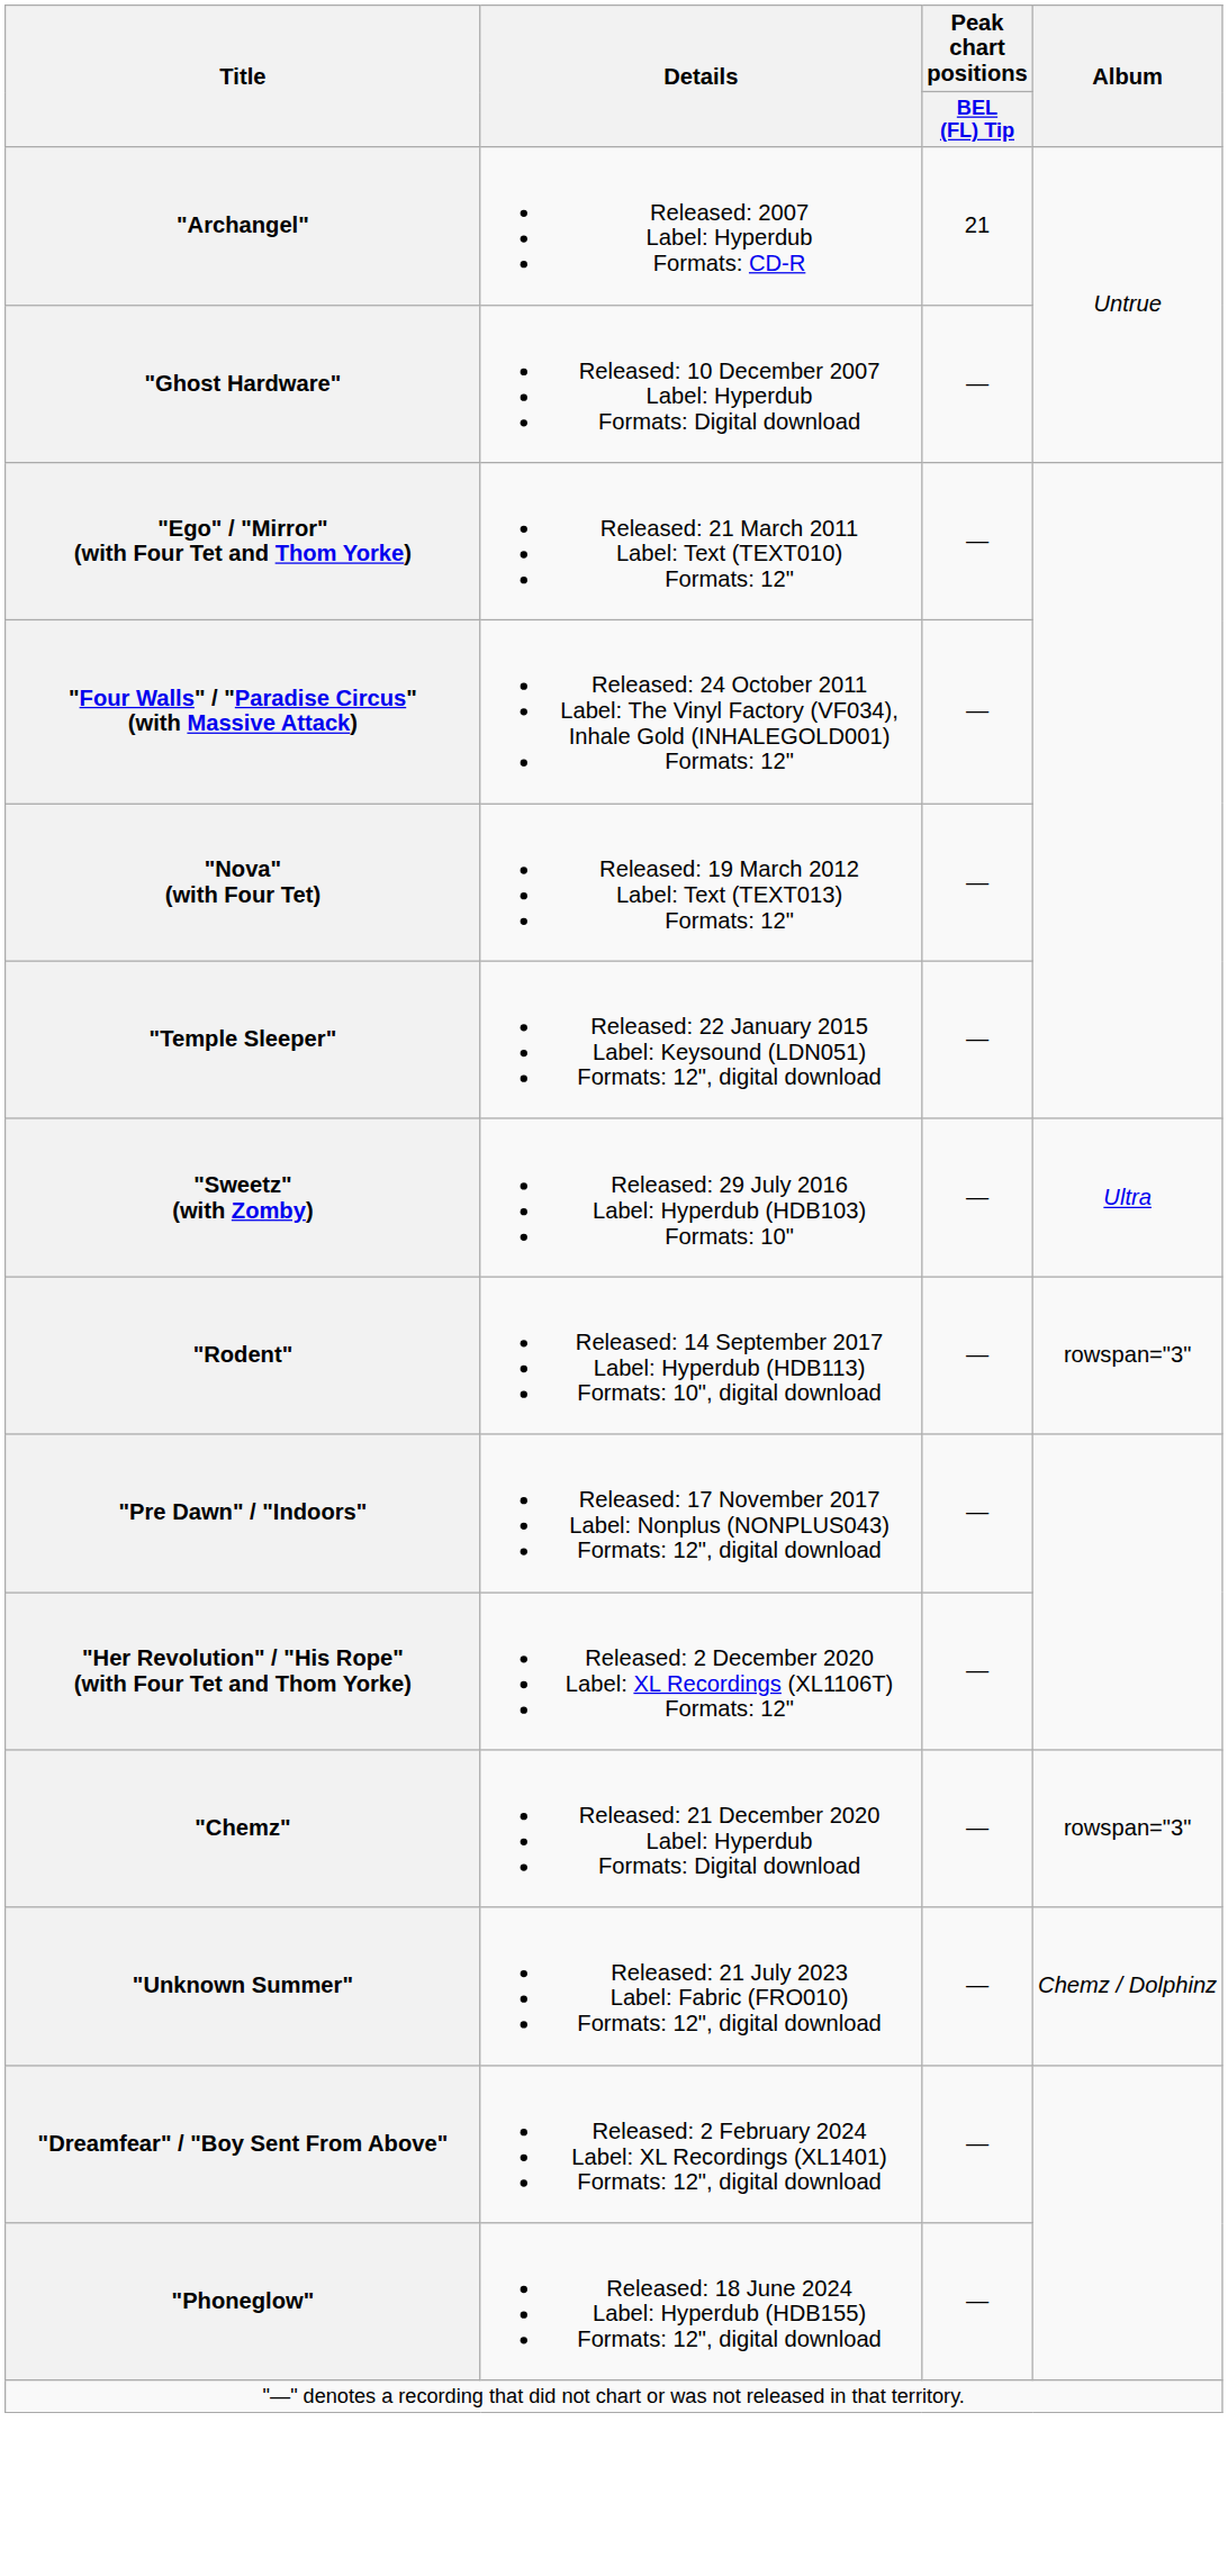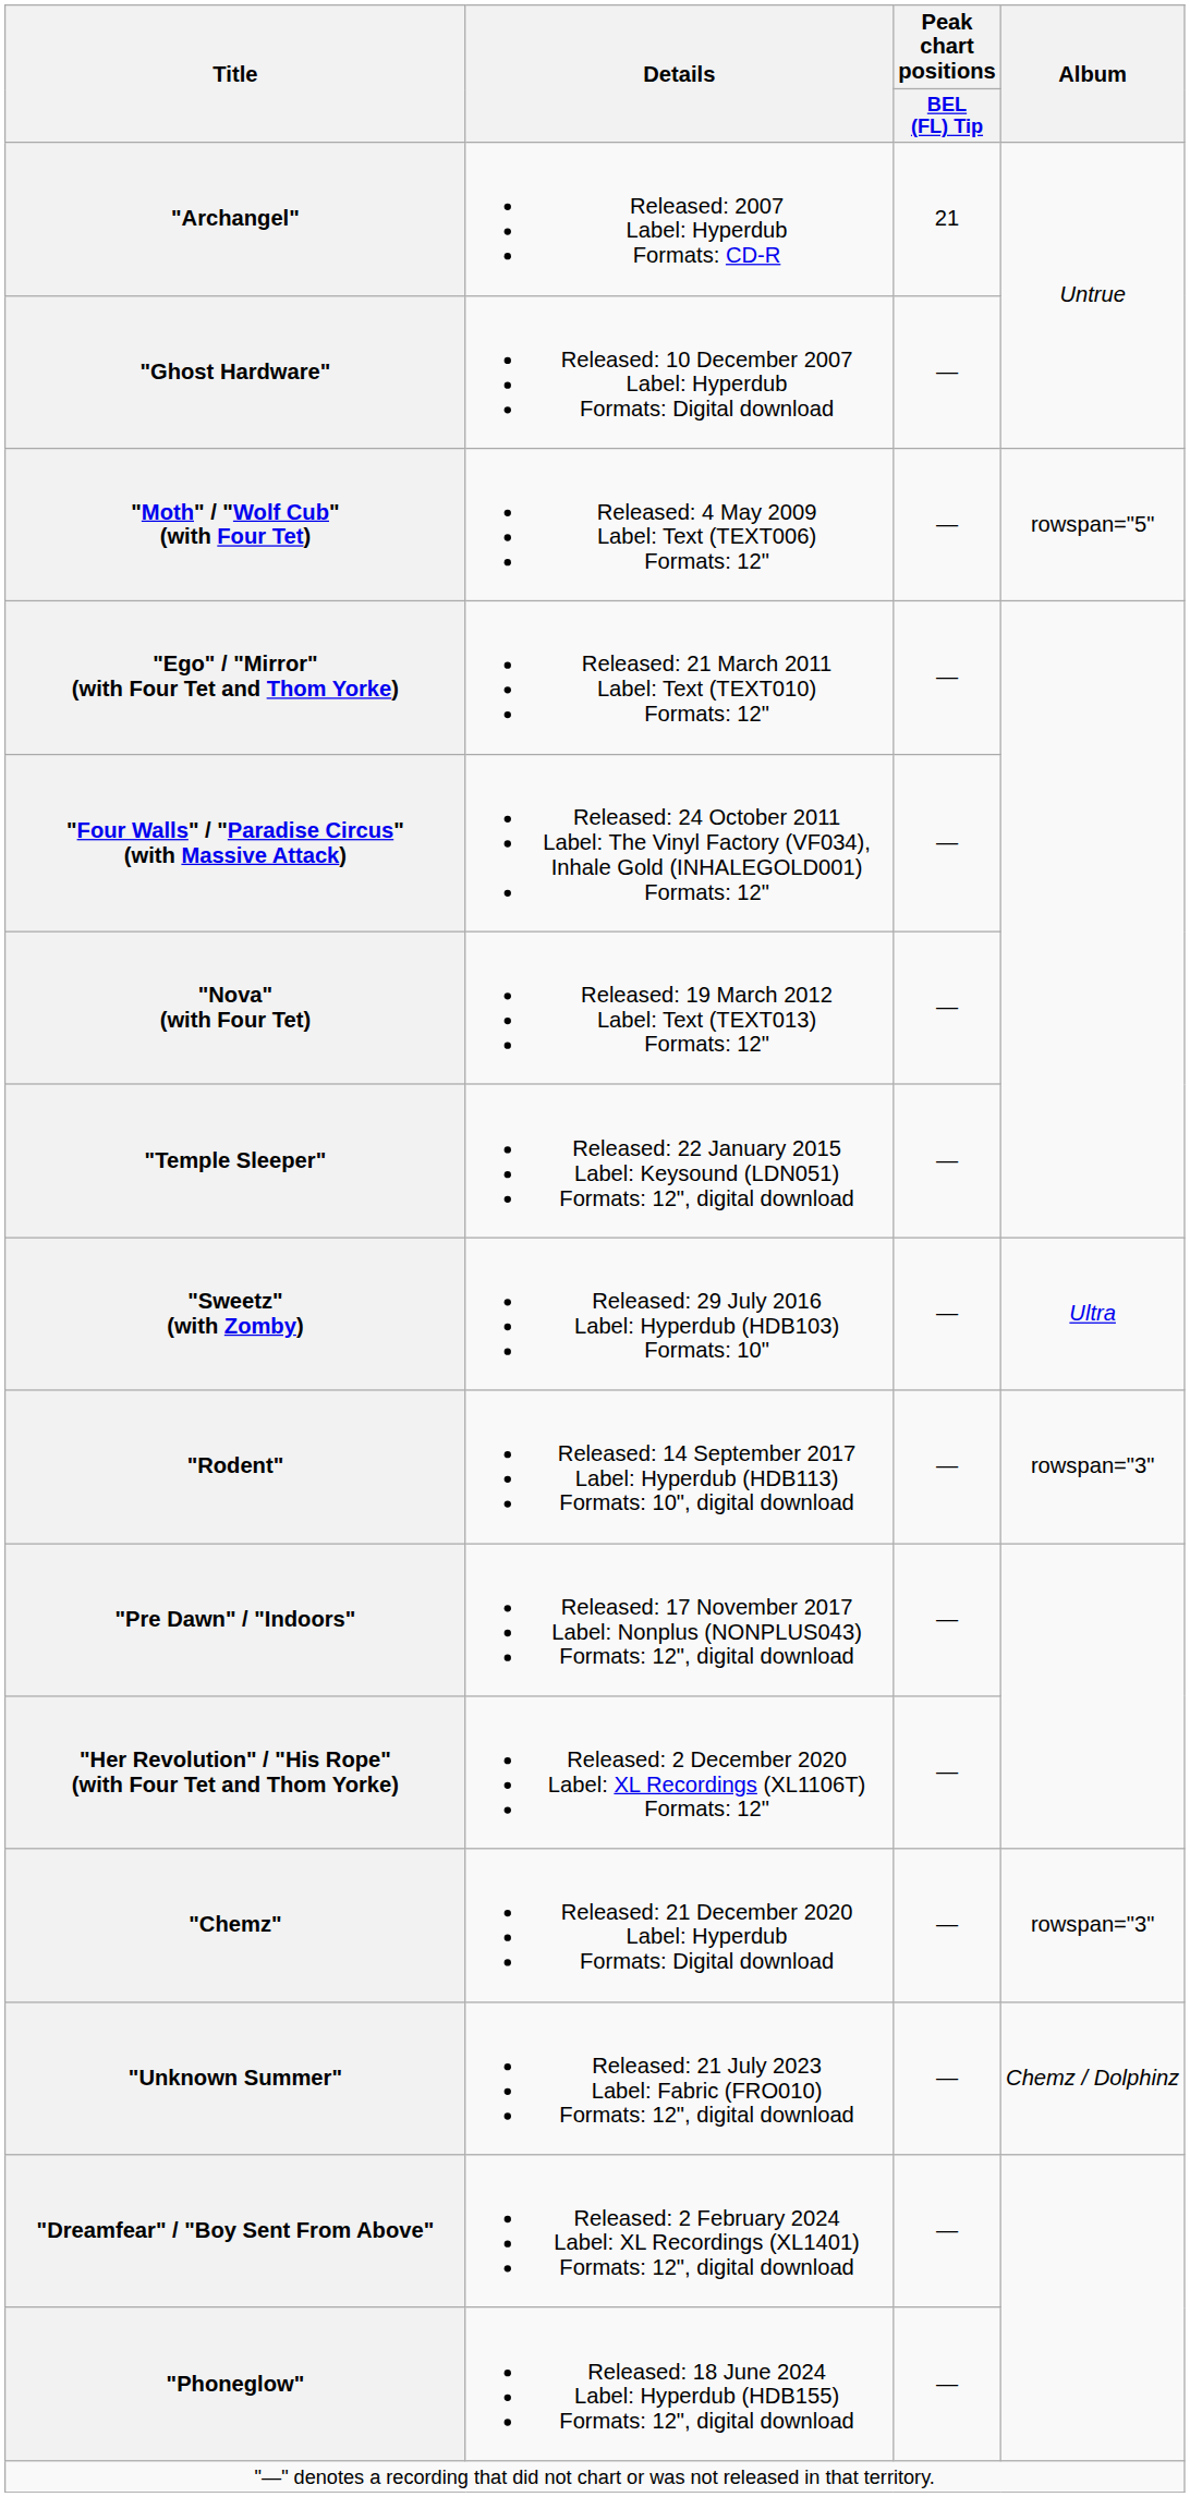 <table class="wikitable plainrowheaders" style="text-align:center;" border="1">
 <tr>
 <th scope="col" rowspan="2" style="width:20.5em;">Title</th>
 <th scope="col" rowspan="2" style="width:19em;">Details</th>
 <th colspan="1" scope="col">Peak chart positions</th>
 <th rowspan="2" scope="col">Album</th>
 </tr>
 <tr>
 <th scope="col" style="width:2.5em;font-size:90%;"><a href='#'>BEL<br>(FL) Tip</a><br></th>
 </tr>
 <tr>
 <th scope="row">"Archangel"</th>
 <td><br><ul><li>Released: 2007</li><li>Label: Hyperdub</li><li>Formats: <a href='#'>CD-R</a></li></ul></td>
 <td>21</td>
 <td rowspan="2"><em>Untrue</em></td>
 </tr>
 <tr>
 <th scope="row">"Ghost Hardware"</th>
 <td><br><ul><li>Released: 10 December 2007</li><li>Label: Hyperdub</li><li>Formats: Digital download</li></ul></td>
 <td>—</td>
+</tr>
+<tr>
+<th scope="row">"<a href='#'>Moth</a>" / "<a href='#'>Wolf Cub</a>"<br><span>(with <a href='#'>Four Tet</a>)</span></th>
+<td><br><ul><li>Released: 4 May 2009</li><li>Label: Text <span>(TEXT006)</span></li><li>Formats: 12"</li></ul></td>
+<td>—</td>
+<td>rowspan="5" </td>
 </tr>
 <tr>
 <th scope="row">"Ego" / "Mirror"<br><span>(with Four Tet and <a href='#'>Thom Yorke</a>)</span></th>
 <td><br><ul><li>Released: 21 March 2011</li><li>Label: Text <span>(TEXT010)</span></li><li>Formats: 12"</li></ul></td>
 <td>—</td>
 </tr>
 <tr>
 <th scope="row">"<a href='#'>Four Walls</a>" / "<a href='#'>Paradise Circus</a>"<br><span>(with <a href='#'>Massive Attack</a>)</span></th>
 <td><br><ul><li>Released: 24 October 2011</li><li>Label: The Vinyl Factory <span>(VF034)</span>, Inhale Gold <span>(INHALEGOLD001)</span></li><li>Formats: 12"</li></ul></td>
 <td>—</td>
 </tr>
 <tr>
 <th scope="row">"Nova"<br><span>(with Four Tet)</span></th>
 <td><br><ul><li>Released: 19 March 2012</li><li>Label: Text <span>(TEXT013)</span></li><li>Formats: 12"</li></ul></td>
 <td>—</td>
 </tr>
 <tr>
 <th scope="row">"Temple Sleeper"</th>
 <td><br><ul><li>Released: 22 January 2015</li><li>Label: Keysound <span>(LDN051)</span></li><li>Formats: 12", digital download</li></ul></td>
 <td>—</td>
 </tr>
 <tr>
 <th scope="row">"Sweetz"<br><span>(with <a href='#'>Zomby</a>)</span></th>
 <td><br><ul><li>Released: 29 July 2016</li><li>Label: Hyperdub <span>(HDB103)</span></li><li>Formats: 10"</li></ul></td>
 <td>—</td>
 <td><em><a href='#'>Ultra</a></em></td>
 </tr>
 <tr>
 <th scope="row">"Rodent"</th>
 <td><br><ul><li>Released: 14 September 2017</li><li>Label: Hyperdub <span>(HDB113)</span></li><li>Formats: 10", digital download</li></ul></td>
 <td>—</td>
 <td>rowspan="3" </td>
 </tr>
 <tr>
 <th scope="row">"Pre Dawn" / "Indoors"</th>
 <td><br><ul><li>Released: 17 November 2017</li><li>Label: Nonplus <span>(NONPLUS043)</span></li><li>Formats: 12", digital download</li></ul></td>
 <td>—</td>
 </tr>
 <tr>
 <th scope="row">"Her Revolution" / "His Rope"<br><span>(with Four Tet and Thom Yorke)</span></th>
 <td><br><ul><li>Released: 2 December 2020</li><li>Label: <a href='#'>XL Recordings</a> <span>(XL1106T)</span></li><li>Formats: 12"</li></ul></td>
 <td>—</td>
 </tr>
 <tr>
 <th scope="row">"Chemz"</th>
 <td><br><ul><li>Released: 21 December 2020</li><li>Label: Hyperdub</li><li>Formats: Digital download</li></ul></td>
 <td>—</td>
 <td>rowspan="3" </td>
 </tr>
 <tr>
 <th scope="row">"Unknown Summer"</th>
 <td><br><ul><li>Released: 21 July 2023</li><li>Label: Fabric <span>(FRO010)</span></li><li>Formats: 12", digital download</li></ul></td>
 <td>—</td>
 <td><em>Chemz / Dolphinz</em></td>
 </tr>
 <tr>
 <th scope="row">"Dreamfear" / "Boy Sent From Above"</th>
 <td><br><ul><li>Released: 2 February 2024</li><li>Label: XL Recordings <span>(XL1401)</span></li><li>Formats: 12", digital download</li></ul></td>
 <td>—</td>
 </tr>
 <tr>
 <th scope="row">"Phoneglow"</th>
 <td><br><ul><li>Released: 18 June 2024</li><li>Label: Hyperdub <span>(HDB155)</span></li><li>Formats: 12", digital download</li></ul></td>
 <td>—</td>
 </tr>
 <tr>
 <td colspan="4" style="font-size:90%">"—" denotes a recording that did not chart or was not released in that territory.</td>
 </tr>
 </table>
